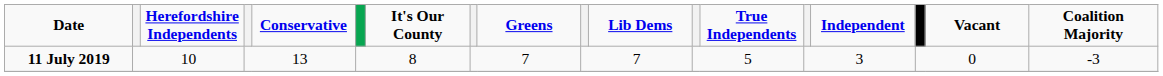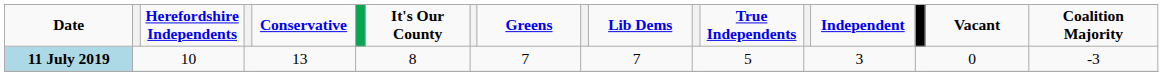 <table class="wikitable" border="1" style="text-align:left; padding-left:1em">
 <tr>
 <td width=125 align="center"><strong>Date</strong></td>
 <th style="background-color: "></th>
 <td width=100 align="center"><strong><a href='#'>Herefordshire Independents</a></strong></td>
 <th style="background-color: "></th>
 <td width=100 align="center"><strong><a href='#'>Conservative</a></strong></td>
 <th style="background-color: #08A651; width: 3px;"></th>
 <td width=100 align="center"><strong>It's Our County</strong></td>
 <th style="background-color: "></th>
 <td width=100 align="center"><strong><a href='#'>Greens</a></strong></td>
 <th style="background-color: "></th>
 <td width=100 align="center"><strong><a href='#'>Lib Dems</a></strong></td>
 <th style="background-color: "></th>
 <td width=100 align="center"><strong><a href='#'>True Independents</a></strong></td>
 <th style="background-color: "></th>
 <td width=100 align="center"><strong><a href='#'>Independent</a></strong></td>
 <th style="background-color: #000000; width: 3px;"></th>
 <td width=100 align="center"><strong>Vacant</strong></td>
 <td width=125 align="center"><strong>Coalition Majority</strong></td>
 </tr>
 <tr>
-<td align="center"><strong>11 July 2019</strong></td>
+<td align="center" style="background: lightblue;"><strong>11 July 2019</strong></td>
 <td colspan="2" align="center">10</td>
 <td colspan="2" align="center">13</td>
 <td colspan="2" align="center">8</td>
 <td colspan="2" align="center">7</td>
 <td colspan="2" align="center">7</td>
 <td colspan="2" align="center">5</td>
 <td colspan="2" align="center">3</td>
 <td colspan="2" align="center">0</td>
 <td colspan="2" align="center">-3</td>
 </tr>
 <tr>
 </tr>
 </table>
